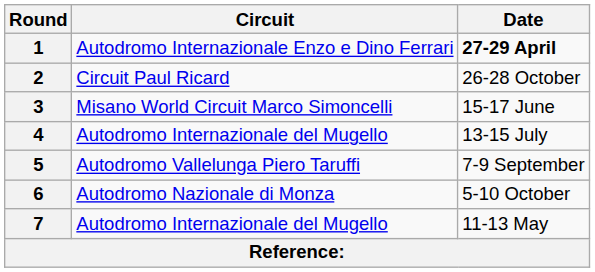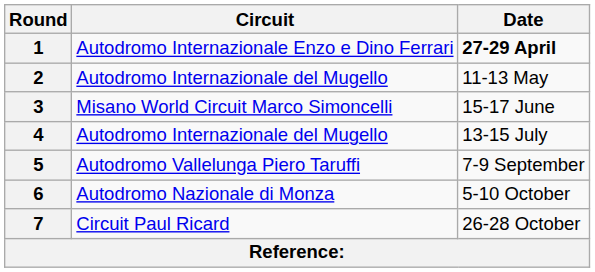 <table class="wikitable" style="font-size: 85%;">
 <tr>
 <th>Round</th>
 <th>Circuit</th>
 <th>Date</th>
 </tr>
 <tr>
 <th>1</th>
 <td> <a href='#'>Autodromo Internazionale Enzo e Dino Ferrari</a></td>
 <td><strong>27-29 April</strong></td>
 </tr>
 <tr>
 <th>2</th>
-<td> <a href='#'>Circuit Paul Ricard</a></td>
-<td>26-28 October</td>
+<td> <a href='#'>Autodromo Internazionale del Mugello</a></td>
+<td>11-13 May</td>
 </tr>
 <tr>
 <th>3</th>
 <td> <a href='#'>Misano World Circuit Marco Simoncelli</a></td>
 <td>15-17 June</td>
 </tr>
 <tr>
 <th>4</th>
 <td> <a href='#'>Autodromo Internazionale del Mugello</a></td>
 <td>13-15 July</td>
 </tr>
 <tr>
 <th>5</th>
 <td> <a href='#'>Autodromo Vallelunga Piero Taruffi</a></td>
 <td>7-9 September</td>
 </tr>
 <tr>
 <th>6</th>
 <td> <a href='#'>Autodromo Nazionale di Monza</a></td>
 <td>5-10 October</td>
 </tr>
 <tr>
 <th>7</th>
-<td> <a href='#'>Autodromo Internazionale del Mugello</a></td>
-<td>11-13 May</td>
+<td> <a href='#'>Circuit Paul Ricard</a></td>
+<td>26-28 October</td>
 </tr>
 <tr>
 <th colspan=3>Reference: </th>
 </tr>
 </table>
